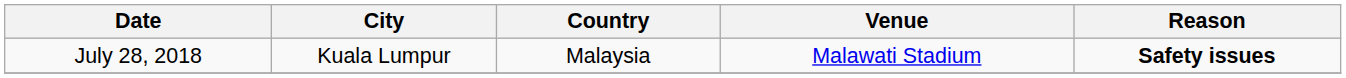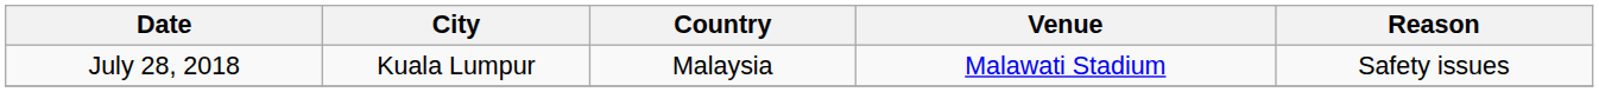 <table class="wikitable" style="text-align:center;">
 <tr>
 <th scope="col" style="width:12em;">Date</th>
 <th scope="col" style="width:10em;">City</th>
 <th scope="col" style="width:10em;">Country</th>
 <th scope="col" style="width:16em;">Venue</th>
 <th scope="col" style="width:12em;">Reason</th>
 </tr>
 <tr>
 <td>July 28, 2018</td>
 <td>Kuala Lumpur</td>
 <td>Malaysia</td>
 <td><a href='#'>Malawati Stadium</a></td>
-<td><strong>Safety issues</strong></td>
+<td>Safety issues</td>
 </tr>
 <tr>
 </tr>
 </table>
